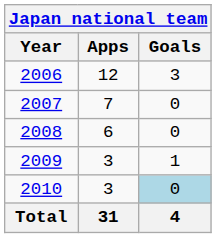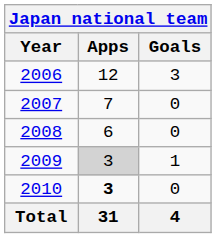 <table class="wikitable" style="text-align:center">
 <tr>
 <th colspan=3><a href='#'>Japan national team</a></th>
 </tr>
 <tr>
 <th>Year</th>
 <th>Apps</th>
 <th>Goals</th>
 </tr>
 <tr>
 <td><a href='#'>2006</a></td>
 <td>12</td>
 <td>3</td>
 </tr>
 <tr>
 <td><a href='#'>2007</a></td>
 <td>7</td>
 <td>0</td>
 </tr>
 <tr>
 <td><a href='#'>2008</a></td>
 <td>6</td>
 <td>0</td>
 </tr>
 <tr>
 <td><a href='#'>2009</a></td>
-<td>3</td>
+<td style="background: lightgrey;">3</td>
 <td>1</td>
 </tr>
 <tr>
 <td><a href='#'>2010</a></td>
-<td>3</td>
-<td style="background: lightblue;">0</td>
+<td><strong>3</strong></td>
+<td>0</td>
 </tr>
 <tr>
 <th>Total</th>
 <th>31</th>
 <th>4</th>
 </tr>
 </table>
